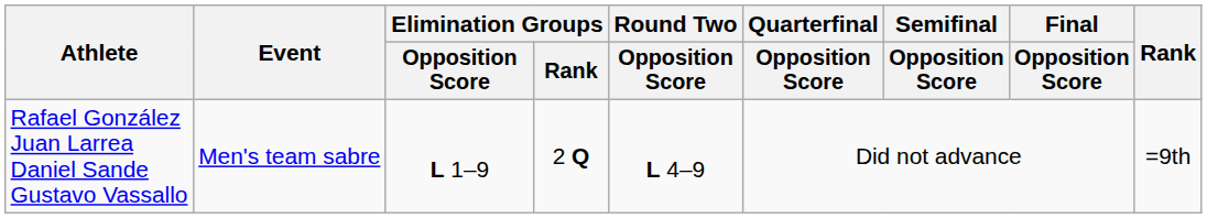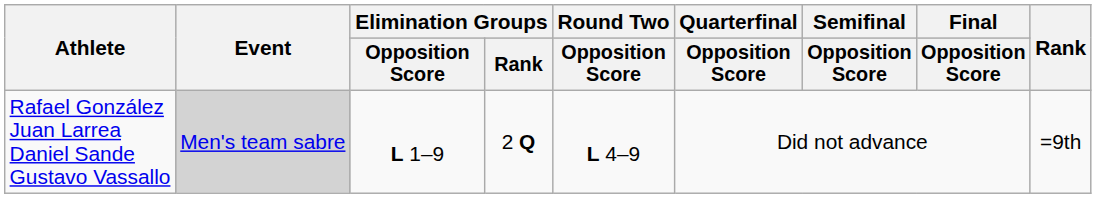 <table class="wikitable" style="font-size:90%">
 <tr>
 <th rowspan=2>Athlete</th>
 <th rowspan=2>Event</th>
 <th colspan=2>Elimination Groups</th>
 <th>Round Two</th>
 <th>Quarterfinal</th>
 <th>Semifinal</th>
 <th>Final</th>
 <th rowspan=2>Rank</th>
 </tr>
 <tr style="font-size:95%">
 <th>Opposition<br>Score</th>
 <th>Rank</th>
 <th>Opposition<br>Score</th>
 <th>Opposition<br>Score</th>
 <th>Opposition<br>Score</th>
 <th>Opposition<br>Score</th>
 </tr>
 <tr align=center>
 <td align=left><a href='#'>Rafael González</a><br><a href='#'>Juan Larrea</a><br><a href='#'>Daniel Sande</a><br><a href='#'>Gustavo Vassallo</a></td>
-<td align=left><a href='#'>Men's team sabre</a></td>
+<td align=left style="background: lightgrey;"><a href='#'>Men's team sabre</a></td>
 <td><br><strong>L</strong> 1–9</td>
 <td align=center>2 <strong>Q</strong></td>
 <td><br><strong>L</strong> 4–9</td>
 <td colspan=3 align=center>Did not advance</td>
 <td>=9th</td>
 </tr>
 </table>
